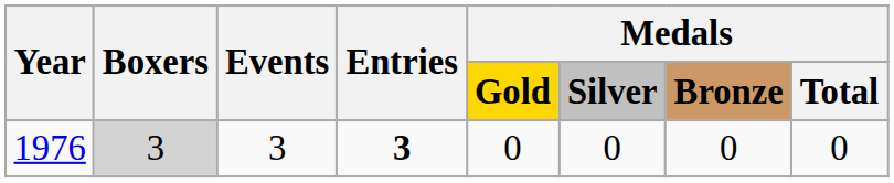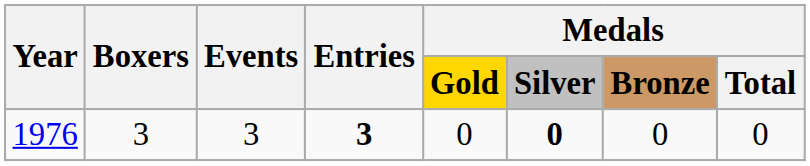 <table class=wikitable>
 <tr>
 <th rowspan=2>Year</th>
 <th rowspan=2>Boxers</th>
 <th rowspan=2>Events</th>
 <th rowspan=2>Entries</th>
 <th colspan=4>Medals</th>
 </tr>
 <tr>
 <td align=center bgcolor=gold><strong>Gold</strong></td>
 <td align=center bgcolor=silver><strong>Silver</strong></td>
 <td align=center bgcolor=cc9966><strong>Bronze</strong></td>
 <th>Total</th>
 </tr>
 <tr align=center>
 <td><a href='#'>1976</a></td>
-<td style="background: lightgrey;">3</td>
+<td>3</td>
 <td>3</td>
 <td><strong>3</strong></td>
 <td>0</td>
-<td>0</td>
+<td><strong>0</strong></td>
 <td>0</td>
 <td>0</td>
 </tr>
 </table>
